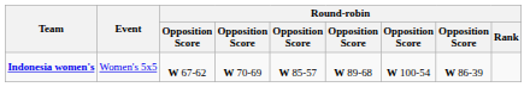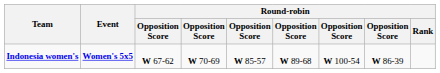 <table class="wikitable" style=font-size:85%;float:center;text-align:center>
 <tr>
 <th rowspan="2">Team</th>
 <th rowspan="2">Event</th>
 <th colspan="7">Round-robin</th>
 </tr>
 <tr>
 <th>Opposition<br>Score</th>
 <th>Opposition<br>Score</th>
 <th>Opposition<br>Score</th>
 <th>Opposition<br>Score</th>
 <th>Opposition<br>Score</th>
 <th>Opposition<br>Score</th>
 <th>Rank</th>
 </tr>
 <tr align="center">
 <td align="left"><strong><a href='#'>Indonesia women's</a></strong></td>
-<td align="left"><a href='#'>Women's 5x5</a></td>
+<td align="left"><strong><a href='#'>Women's 5x5</a></strong></td>
 <td><br><strong>W</strong> 67-62</td>
 <td><br><strong>W</strong> 70-69</td>
 <td><br><strong>W</strong> 85-57</td>
 <td><br><strong>W</strong> 89-68</td>
 <td><br><strong>W</strong> 100-54</td>
 <td><br><strong>W</strong> 86-39</td>
 <td></td>
 </tr>
 </table>
